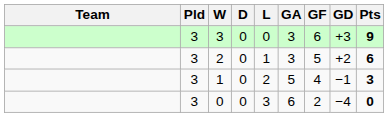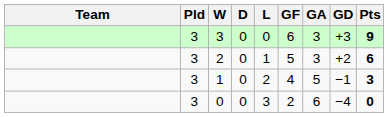 <table class=wikitable style="text-align:center">
 <tr>
 <th width=200>Team</th>
 <th width=20>Pld</th>
 <th width=20>W</th>
 <th width=20>D</th>
 <th width=20>L</th>
+<th width=20>GF</th>
 <th width=20>GA</th>
-<th width=20>GF</th>
 <th width=20>GD</th>
 <th width=20>Pts</th>
 </tr>
 <tr style="background:#ccffcc;">
 <td align="left"></td>
 <td>3</td>
 <td>3</td>
 <td>0</td>
 <td>0</td>
+<td>6</td>
 <td>3</td>
-<td>6</td>
 <td>+3</td>
 <td><strong>9</strong></td>
 </tr>
 <tr>
 <td align="left"></td>
 <td>3</td>
 <td>2</td>
 <td>0</td>
 <td>1</td>
+<td>5</td>
 <td>3</td>
-<td>5</td>
 <td>+2</td>
 <td><strong>6</strong></td>
 </tr>
 <tr>
 <td align="left"></td>
 <td>3</td>
 <td>1</td>
 <td>0</td>
 <td>2</td>
+<td>4</td>
 <td>5</td>
-<td>4</td>
 <td>−1</td>
 <td><strong>3</strong></td>
 </tr>
 <tr>
 <td align="left"></td>
 <td>3</td>
 <td>0</td>
 <td>0</td>
 <td>3</td>
+<td>2</td>
 <td>6</td>
-<td>2</td>
 <td>−4</td>
 <td><strong>0</strong></td>
 </tr>
 </table>
